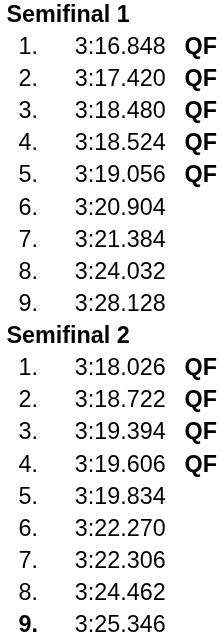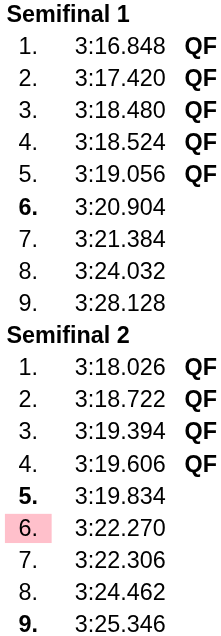 <table style="text-align:center">
 <tr>
 <td colspan=4 align=left><strong>Semifinal 1</strong></td>
 </tr>
 <tr>
 <td width=30>1.</td>
 <td align=left></td>
 <td width=80>3:16.848</td>
 <td><strong>QF</strong></td>
 </tr>
 <tr>
 <td>2.</td>
 <td align=left></td>
 <td>3:17.420</td>
 <td><strong>QF</strong></td>
 </tr>
 <tr>
 <td>3.</td>
 <td align=left></td>
 <td>3:18.480</td>
 <td><strong>QF</strong></td>
 </tr>
 <tr>
 <td>4.</td>
 <td align=left></td>
 <td>3:18.524</td>
 <td><strong>QF</strong></td>
 </tr>
 <tr>
 <td>5.</td>
 <td align=left></td>
 <td>3:19.056</td>
 <td><strong>QF</strong></td>
 </tr>
 <tr>
-<td>6.</td>
+<td><strong>6.</strong></td>
 <td align=left></td>
 <td>3:20.904</td>
 <td></td>
 </tr>
 <tr>
 <td>7.</td>
 <td align=left></td>
 <td>3:21.384</td>
 <td></td>
 </tr>
 <tr>
 <td>8.</td>
 <td align=left></td>
 <td>3:24.032</td>
 <td></td>
 </tr>
 <tr>
 <td>9.</td>
 <td align=left></td>
 <td>3:28.128</td>
 <td></td>
 </tr>
 <tr>
 <td colspan=4 align=left><strong>Semifinal 2</strong></td>
 </tr>
 <tr>
 <td>1.</td>
 <td align=left></td>
 <td>3:18.026</td>
 <td><strong>QF</strong></td>
 </tr>
 <tr>
 <td>2.</td>
 <td align=left></td>
 <td>3:18.722</td>
 <td><strong>QF</strong></td>
 </tr>
 <tr>
 <td>3.</td>
 <td align=left></td>
 <td>3:19.394</td>
 <td><strong>QF</strong></td>
 </tr>
 <tr>
 <td>4.</td>
 <td align=left></td>
 <td>3:19.606</td>
 <td><strong>QF</strong></td>
 </tr>
 <tr>
-<td>5.</td>
+<td><strong>5.</strong></td>
 <td align=left></td>
 <td>3:19.834</td>
 <td></td>
 </tr>
 <tr>
-<td>6.</td>
+<td style="background: pink;">6.</td>
 <td align=left></td>
 <td>3:22.270</td>
 <td></td>
 </tr>
 <tr>
 <td>7.</td>
 <td align=left></td>
 <td>3:22.306</td>
 <td></td>
 </tr>
 <tr>
 <td>8.</td>
 <td align=left></td>
 <td>3:24.462</td>
 <td></td>
 </tr>
 <tr>
 <td><strong>9.</strong></td>
 <td align=left></td>
 <td>3:25.346</td>
 <td></td>
 </tr>
 </table>
